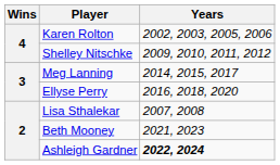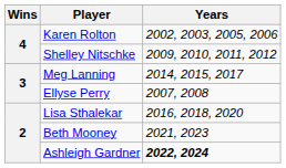 <table class="wikitable" style="font-size: 95%;">
 <tr>
 <th><strong>Wins</strong></th>
 <th><strong>Player</strong></th>
 <th><strong>Years</strong></th>
 </tr>
 <tr>
 <th rowspan="2">4</th>
 <td><a href='#'>Karen Rolton</a></td>
 <td><em>2002, 2003, 2005, 2006</em></td>
 </tr>
 <tr>
 <td><a href='#'>Shelley Nitschke</a></td>
 <td><em>2009, 2010, 2011, 2012</em></td>
 </tr>
 <tr>
 <th rowspan="2">3</th>
 <td><a href='#'>Meg Lanning</a></td>
 <td><em>2014, 2015, 2017</em></td>
 </tr>
 <tr>
 <td><a href='#'>Ellyse Perry</a></td>
-<td><em>2016, 2018, 2020</em></td>
+<td><em>2007, 2008</em></td>
 </tr>
 <tr>
 <th rowspan="3">2</th>
 <td><a href='#'>Lisa Sthalekar</a></td>
-<td><em>2007, 2008</em></td>
+<td><em>2016, 2018, 2020</em></td>
 </tr>
 <tr>
 <td><a href='#'>Beth Mooney</a></td>
 <td><em>2021, 2023</em></td>
 </tr>
 <tr>
 <td><a href='#'>Ashleigh Gardner</a></td>
 <td><strong><em>2022, 2024</em></strong></td>
 </tr>
 </table>
